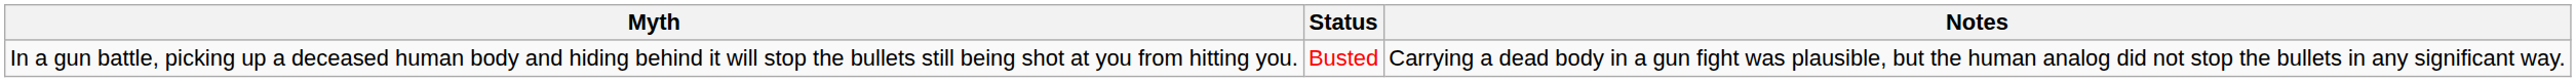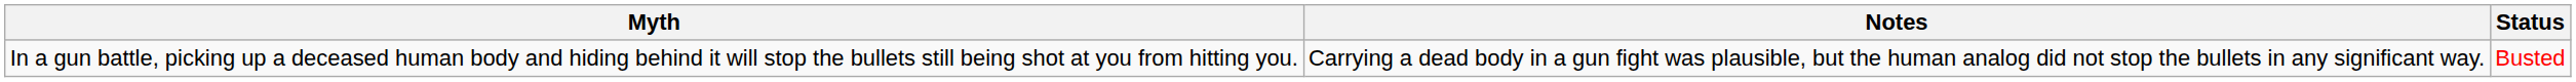 <table class="wikitable plainrowheaders">
 <tr>
 <th scope"col">Myth</th>
+<th scope"col">Notes</th>
 <th scope"col">Status</th>
-<th scope"col">Notes</th>
 </tr>
 <tr>
 <td scope"row">In a gun battle, picking up a deceased human body and hiding behind it will stop the bullets still being shot at you from hitting you.</td>
+<td>Carrying a dead body in a gun fight was plausible, but the human analog did not stop the bullets in any significant way.</td>
 <td style="color:red">Busted</td>
-<td>Carrying a dead body in a gun fight was plausible, but the human analog did not stop the bullets in any significant way.</td>
 </tr>
 </table>
